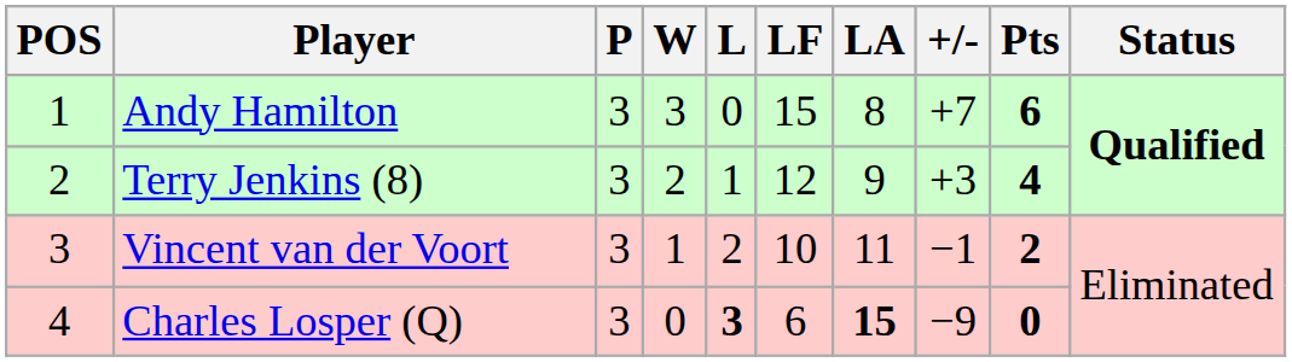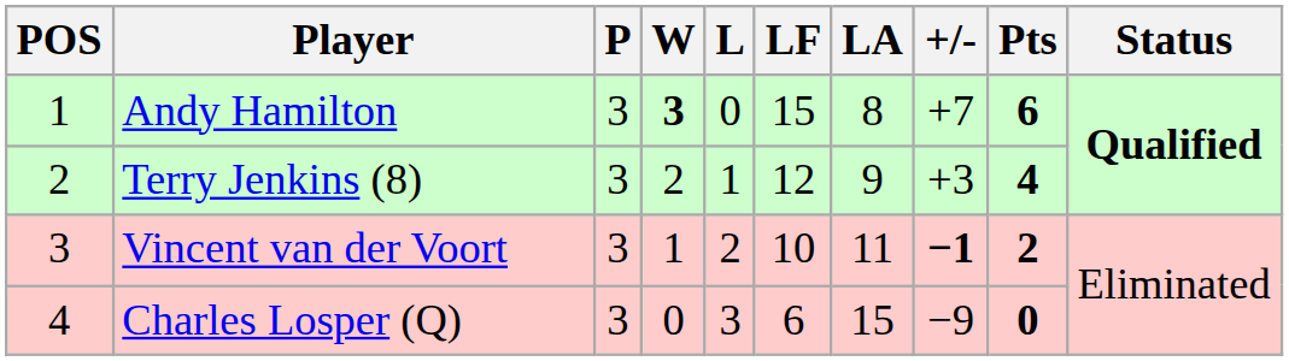 <table class="wikitable" style="text-align:center; margin: 1em auto 1em auto, align:left">
 <tr>
 <th width=20>POS</th>
 <th width=168>Player</th>
 <th width=3>P</th>
 <th width=3>W</th>
 <th width=3>L</th>
 <th width=20>LF</th>
 <th width=20>LA</th>
 <th width=20>+/-</th>
 <th width=20>Pts</th>
 <th width=70>Status</th>
 </tr>
 <tr style="background:#CCFFCC;">
 <td>1</td>
 <td style="text-align:left;"> <a href='#'>Andy Hamilton</a></td>
 <td>3</td>
-<td>3</td>
+<td><strong>3</strong></td>
 <td>0</td>
 <td>15</td>
 <td>8</td>
 <td>+7</td>
 <td><strong>6</strong></td>
 <td rowspan=2><strong>Qualified</strong></td>
 </tr>
 <tr style="background:#CCFFCC;">
 <td>2</td>
 <td style="text-align:left;"> <a href='#'>Terry Jenkins</a> (8)</td>
 <td>3</td>
 <td>2</td>
 <td>1</td>
 <td>12</td>
 <td>9</td>
 <td>+3</td>
 <td><strong>4</strong></td>
 </tr>
 <tr style="background:#FFCCCC;">
 <td>3</td>
 <td style="text-align:left;"> <a href='#'>Vincent van der Voort</a></td>
 <td>3</td>
 <td>1</td>
 <td>2</td>
 <td>10</td>
 <td>11</td>
-<td>−1</td>
+<td><strong>−1</strong></td>
 <td><strong>2</strong></td>
 <td rowspan=2>Eliminated</td>
 </tr>
 <tr style="background:#FFCCCC;">
 <td>4</td>
 <td style="text-align:left;"> <a href='#'>Charles Losper</a> (Q)</td>
 <td>3</td>
 <td>0</td>
-<td><strong>3</strong></td>
+<td>3</td>
 <td>6</td>
-<td><strong>15</strong></td>
+<td>15</td>
 <td>−9</td>
 <td><strong>0</strong></td>
 </tr>
 </table>
